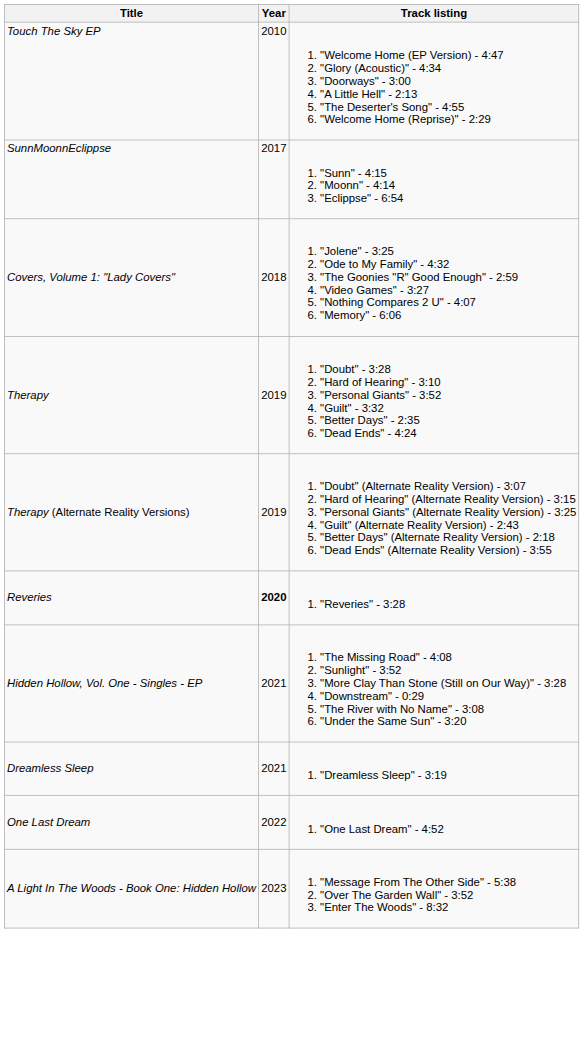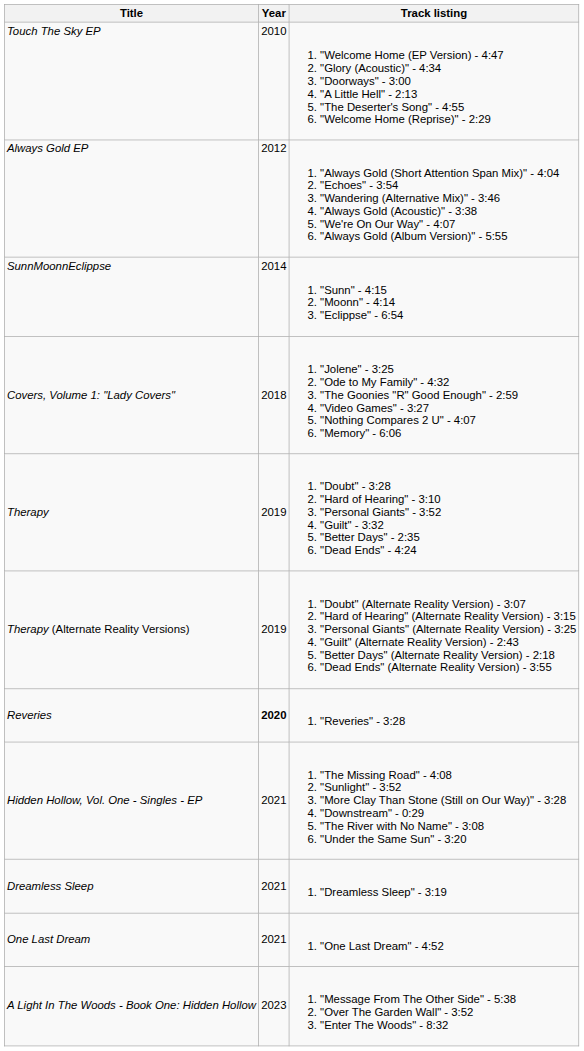 <table class="wikitable">
 <tr>
 <th>Title</th>
 <th>Year</th>
 <th>Track listing</th>
 </tr>
 <tr valign=top>
 <td><em>Touch The Sky EP</em></td>
 <td>2010</td>
 <td><br><ol><li>"Welcome Home (EP Version) - 4:47</li><li>"Glory (Acoustic)" - 4:34</li><li>"Doorways" - 3:00</li><li>"A Little Hell" - 2:13</li><li>"The Deserter's Song" - 4:55</li><li>"Welcome Home (Reprise)" - 2:29</li></ol></td>
 </tr>
 <tr valign=top>
+<td><em>Always Gold EP</em></td>
+<td>2012</td>
+<td><br><ol><li>"Always Gold (Short Attention Span Mix)" - 4:04</li><li>"Echoes" - 3:54</li><li>"Wandering (Alternative Mix)" - 3:46</li><li>"Always Gold (Acoustic)" - 3:38</li><li>"We're On Our Way" - 4:07</li><li>"Always Gold (Album Version)" - 5:55</li></ol></td>
+</tr>
+<tr valign=top>
 <td><em>SunnMoonnEclippse</em></td>
-<td>2017</td>
+<td>2014</td>
 <td><br><ol><li>"Sunn" - 4:15</li><li>"Moonn" - 4:14</li><li>"Eclippse" - 6:54</li></ol></td>
 </tr>
 <tr>
 <td><em>Covers, Volume 1: "Lady Covers"</em></td>
 <td>2018</td>
 <td><br><ol><li>"Jolene" - 3:25</li><li>"Ode to My Family" - 4:32</li><li>"The Goonies "R" Good Enough" - 2:59</li><li>"Video Games" - 3:27</li><li>"Nothing Compares 2 U" - 4:07</li><li>"Memory" - 6:06</li></ol></td>
 </tr>
 <tr>
 <td><em>Therapy</em></td>
 <td>2019</td>
 <td><br><ol><li>"Doubt" - 3:28</li><li>"Hard of Hearing" - 3:10</li><li>"Personal Giants" - 3:52</li><li>"Guilt" - 3:32</li><li>"Better Days" - 2:35</li><li>"Dead Ends" - 4:24</li></ol></td>
 </tr>
 <tr>
 <td><em>Therapy</em> (Alternate Reality Versions)</td>
 <td>2019</td>
 <td><br><ol><li>"Doubt" (Alternate Reality Version) - 3:07</li><li>"Hard of Hearing" (Alternate Reality Version) - 3:15</li><li>"Personal Giants" (Alternate Reality Version) - 3:25</li><li>"Guilt" (Alternate Reality Version) - 2:43</li><li>"Better Days" (Alternate Reality Version) - 2:18</li><li>"Dead Ends" (Alternate Reality Version) - 3:55</li></ol></td>
 </tr>
 <tr>
 <td><em>Reveries</em></td>
 <td><strong>2020</strong></td>
 <td><br><ol><li>"Reveries" - 3:28</li></ol></td>
 </tr>
 <tr>
 <td><em>Hidden Hollow, Vol. One - Singles - EP</em></td>
 <td>2021</td>
 <td><br><ol><li>"The Missing Road" - 4:08</li><li>"Sunlight" - 3:52</li><li>"More Clay Than Stone (Still on Our Way)" - 3:28</li><li>"Downstream" - 0:29</li><li>"The River with No Name" - 3:08</li><li>"Under the Same Sun" - 3:20</li></ol></td>
 </tr>
 <tr>
 <td><em>Dreamless Sleep</em></td>
 <td>2021</td>
 <td><br><ol><li>"Dreamless Sleep" - 3:19</li></ol></td>
 </tr>
 <tr>
 <td><em>One Last Dream</em></td>
-<td>2022</td>
+<td>2021</td>
 <td><br><ol><li>"One Last Dream" - 4:52</li></ol></td>
 </tr>
 <tr>
 <td><em>A Light In The Woods - Book One: Hidden Hollow</em></td>
 <td>2023</td>
 <td><br><ol><li>"Message From The Other Side" - 5:38</li><li>"Over The Garden Wall" - 3:52</li><li>"Enter The Woods" - 8:32</li></ol></td>
 </tr>
 </table>
